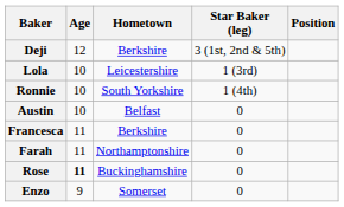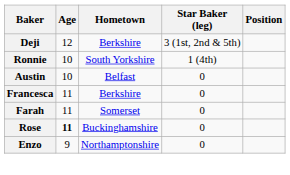 <table class="wikitable sortable" style="display:inline-table; text-align:center">
 <tr>
 <th scope="col">Baker</th>
 <th scope="col">Age</th>
 <th scope="col">Hometown</th>
 <th scope="col">Star Baker<br>(leg)</th>
 <th scope="col">Position</th>
 </tr>
 <tr>
 <th scope="row">Deji</th>
 <td>12</td>
 <td><a href='#'>Berkshire</a></td>
 <td>3 (1st, 2nd & 5th)</td>
-<td></td>
-</tr>
-<tr>
-<th scope="row">Lola</th>
-<td>10</td>
-<td><a href='#'>Leicestershire</a></td>
-<td>1 (3rd)</td>
 <td></td>
 </tr>
 <tr>
 <th scope="row">Ronnie</th>
 <td>10</td>
 <td><a href='#'>South Yorkshire</a></td>
 <td>1 (4th)</td>
 <td></td>
 </tr>
 <tr>
 <th scope="row">Austin</th>
 <td>10</td>
 <td><a href='#'>Belfast</a></td>
 <td>0</td>
 <td></td>
 </tr>
 <tr>
 <th scope="row">Francesca</th>
 <td>11</td>
 <td><a href='#'>Berkshire</a></td>
 <td>0</td>
 <td></td>
 </tr>
 <tr>
 <th scope="row">Farah</th>
 <td>11</td>
-<td><a href='#'>Northamptonshire</a></td>
+<td><a href='#'>Somerset</a></td>
 <td>0</td>
 <td></td>
 </tr>
 <tr>
 <th scope="row">Rose</th>
 <td><strong>11</strong></td>
 <td><a href='#'>Buckinghamshire</a></td>
 <td>0</td>
 <td></td>
 </tr>
 <tr>
 <th scope="row">Enzo</th>
 <td>9</td>
-<td><a href='#'>Somerset</a></td>
+<td><a href='#'>Northamptonshire</a></td>
 <td>0</td>
 <td></td>
 </tr>
 </table>
